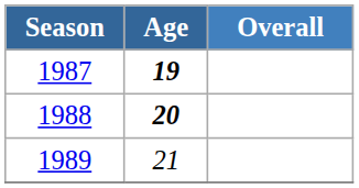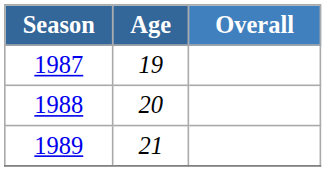 <table class="wikitable" style="font-size:95%; text-align:center; border:grey solid 1px; border-collapse:collapse; background:#ffffff;">
 <tr>
 <th style="background-color:#369; color:white; width:60px;"> Season </th>
 <th style="background-color:#369; color:white; width:40px;"> Age </th>
 <th style="background-color:#4180be; color:white; width:75px;">Overall</th>
 </tr>
 <tr>
 <td><a href='#'>1987</a></td>
-<td><strong><em>19</em></strong></td>
+<td><em>19</em></td>
 <td></td>
 </tr>
 <tr>
 <td><a href='#'>1988</a></td>
-<td><strong><em>20</em></strong></td>
+<td><em>20</em></td>
 <td></td>
 </tr>
 <tr>
 <td><a href='#'>1989</a></td>
 <td><em>21</em></td>
 <td></td>
 </tr>
 <tr>
 </tr>
 </table>
